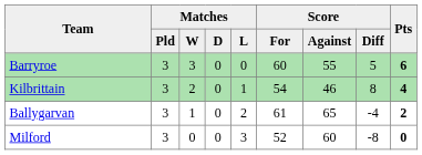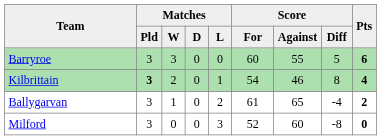 <table style=border-collapse:collapse border=1 cellspacing=0 cellpadding=5>
 <tr align=center bgcolor=#efefef>
 <th rowspan=2 width=165>Team</th>
 <th colspan=4>Matches</th>
 <th colspan=3>Score</th>
 <th rowspan=2width=20>Pts</th>
 </tr>
 <tr align=center bgcolor=#efefef>
 <th width=20>Pld</th>
 <th width=20>W</th>
 <th width=20>D</th>
 <th width=20>L</th>
 <th width=45>For</th>
 <th width=45>Against</th>
 <th width=30>Diff</th>
 </tr>
 <tr align=center style="background:#ACE1AF;">
 <td style="text-align:left;"><a href='#'>Barryroe</a></td>
 <td>3</td>
 <td>3</td>
 <td>0</td>
 <td>0</td>
 <td>60</td>
 <td>55</td>
 <td>5</td>
 <td><strong>6</strong></td>
 </tr>
 <tr align=center style="background:#ACE1AF;">
 <td style="text-align:left;"><a href='#'>Kilbrittain</a></td>
-<td>3</td>
+<td><strong>3</strong></td>
 <td>2</td>
 <td>0</td>
 <td>1</td>
 <td>54</td>
 <td>46</td>
 <td>8</td>
 <td><strong>4</strong></td>
 </tr>
 <tr align=center>
 <td style="text-align:left;"><a href='#'>Ballygarvan</a></td>
 <td>3</td>
 <td>1</td>
 <td>0</td>
 <td>2</td>
 <td>61</td>
 <td>65</td>
 <td>-4</td>
 <td><strong>2</strong></td>
 </tr>
 <tr align=center>
 <td style="text-align:left;"><a href='#'>Milford</a></td>
 <td>3</td>
 <td>0</td>
 <td>0</td>
 <td>3</td>
 <td>52</td>
 <td>60</td>
 <td>-8</td>
 <td><strong>0</strong></td>
 </tr>
 </table>
